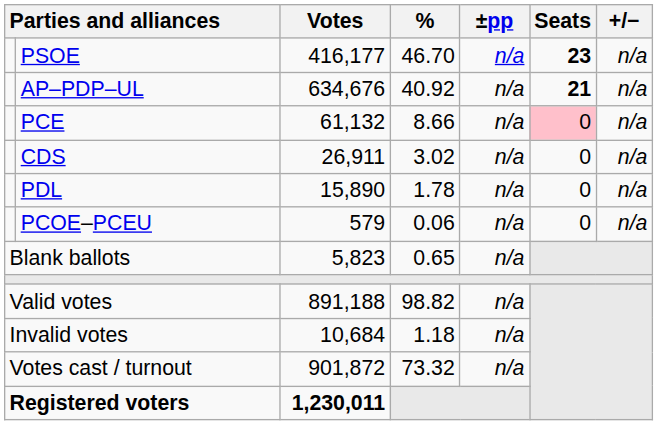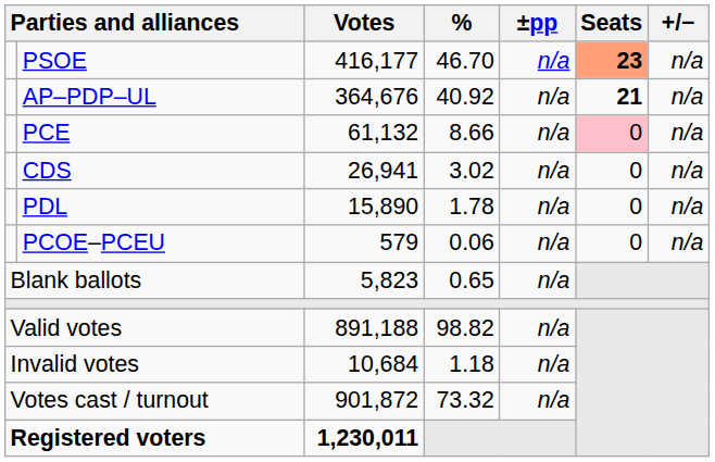 <table class="wikitable" style="text-align:right;">
 <tr>
 <th style="text-align:left;" colspan="2" width="200">Parties and alliances</th>
 <th width="75">Votes</th>
 <th width="45">%</th>
 <th width="45">±<a href='#'>pp</a></th>
 <th width="35">Seats</th>
 <th width="35">+/−</th>
 </tr>
 <tr>
 <td width="1" style="color:inherit;background:"></td>
 <td align="left"><a href='#'>PSOE</a></td>
 <td>416,177</td>
 <td>46.70</td>
 <td><em><a href='#'>n/a</a></em></td>
-<td><strong>23</strong></td>
+<td style="background: lightsalmon;"><strong>23</strong></td>
 <td><em>n/a</em></td>
 </tr>
 <tr>
 <td style="color:inherit;background:"></td>
 <td align="left"><a href='#'>AP–PDP–UL</a></td>
-<td>634,676</td>
+<td>364,676</td>
 <td>40.92</td>
 <td><em>n/a</em></td>
 <td><strong>21</strong></td>
 <td><em>n/a</em></td>
 </tr>
 <tr>
 <td style="color:inherit;background:"></td>
 <td align="left"><a href='#'>PCE</a></td>
 <td>61,132</td>
 <td>8.66</td>
 <td><em>n/a</em></td>
 <td style="background: pink;">0</td>
 <td><em>n/a</em></td>
 </tr>
 <tr>
 <td style="color:inherit;background:"></td>
 <td align="left"><a href='#'>CDS</a></td>
-<td>26,911</td>
+<td>26,941</td>
 <td>3.02</td>
 <td><em>n/a</em></td>
 <td>0</td>
 <td><em>n/a</em></td>
 </tr>
 <tr>
 <td style="color:inherit;background:"></td>
 <td align="left"><a href='#'>PDL</a></td>
 <td>15,890</td>
 <td>1.78</td>
 <td><em>n/a</em></td>
 <td>0</td>
 <td><em>n/a</em></td>
 </tr>
 <tr>
 <td style="color:inherit;background:"></td>
 <td align="left"><a href='#'>PCOE</a>–<a href='#'>PCEU</a></td>
 <td>579</td>
 <td>0.06</td>
 <td><em>n/a</em></td>
 <td>0</td>
 <td><em>n/a</em></td>
 </tr>
 <tr>
 <td align="left" colspan="2">Blank ballots</td>
 <td>5,823</td>
 <td>0.65</td>
 <td><em>n/a</em></td>
 <td bgcolor="#E9E9E9" colspan="2"></td>
 </tr>
 <tr>
 <td colspan="7" bgcolor="#E9E9E9"></td>
 </tr>
 <tr>
 <td align="left" colspan="2">Valid votes</td>
 <td>891,188</td>
 <td>98.82</td>
 <td><em>n/a</em></td>
 <td bgcolor="#E9E9E9" colspan="2" rowspan="4"></td>
 </tr>
 <tr>
 <td align="left" colspan="2">Invalid votes</td>
 <td>10,684</td>
 <td>1.18</td>
 <td><em>n/a</em></td>
 </tr>
 <tr>
 <td align="left" colspan="2">Votes cast / turnout</td>
 <td>901,872</td>
 <td>73.32</td>
 <td><em>n/a</em></td>
 </tr>
 <tr style="font-weight:bold;">
 <td align="left" colspan="2">Registered voters</td>
 <td>1,230,011</td>
 <td bgcolor="#E9E9E9" colspan="2"></td>
 </tr>
 </table>
